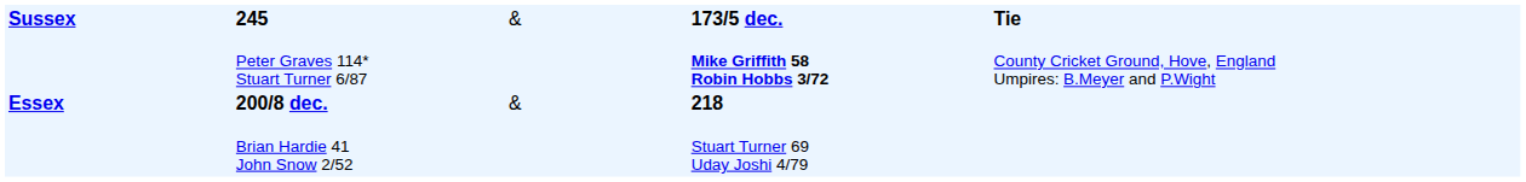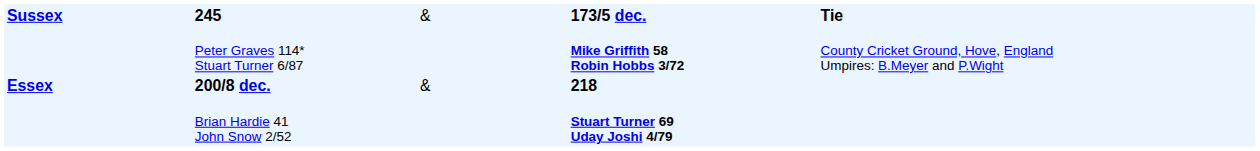 <table width="100%" style="background: #EBF5FF">
 <tr>
 <td width="15%" valign="top" rowspan="2"><strong><a href='#'>Sussex</a></strong></td>
 <td width="18%"><strong>245</strong></td>
 <td width="12%">&</td>
 <td width="20%"><strong>173/5 <a href='#'>dec.</a></strong></td>
 <td width="35%"><strong>Tie</strong></td>
 </tr>
 <tr>
 <td style="font-size: 85%;" valign="top"><br><a href='#'>Peter Graves</a> 114*<br> <a href='#'>Stuart Turner</a> 6/87</td>
 <td></td>
 <td style="font-size: 85%;"><strong><br><a href='#'>Mike Griffith</a> 58<br> <a href='#'>Robin Hobbs</a> 3/72</strong></td>
 <td valign="top" style="font-size: 85%;" rowspan="3"><br><a href='#'>County Cricket Ground, Hove</a>, <a href='#'>England</a><br> Umpires: <a href='#'>B.Meyer</a> and <a href='#'>P.Wight</a></td>
 </tr>
 <tr>
 <td valign="top" rowspan="2"><strong><a href='#'>Essex</a></strong></td>
 <td><strong>200/8 <a href='#'>dec.</a></strong></td>
 <td>&</td>
 <td><strong>218</strong></td>
 </tr>
 <tr>
 <td style="font-size: 85%;"><br><a href='#'>Brian Hardie</a> 41<br> <a href='#'>John Snow</a> 2/52</td>
 <td></td>
-<td valign="top" style="font-size: 85%;"><br><a href='#'>Stuart Turner</a> 69<br> <a href='#'>Uday Joshi</a> 4/79</td>
+<td valign="top" style="font-size: 85%;"><strong><br><a href='#'>Stuart Turner</a> 69<br> <a href='#'>Uday Joshi</a> 4/79</strong></td>
 </tr>
 </table>
